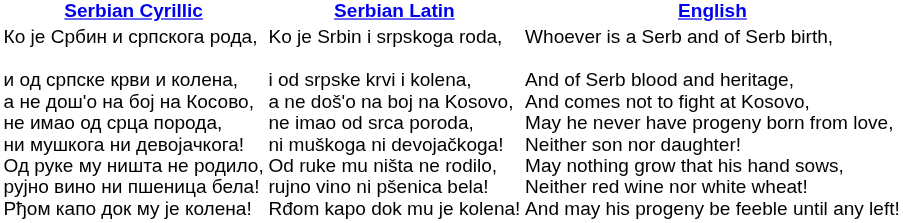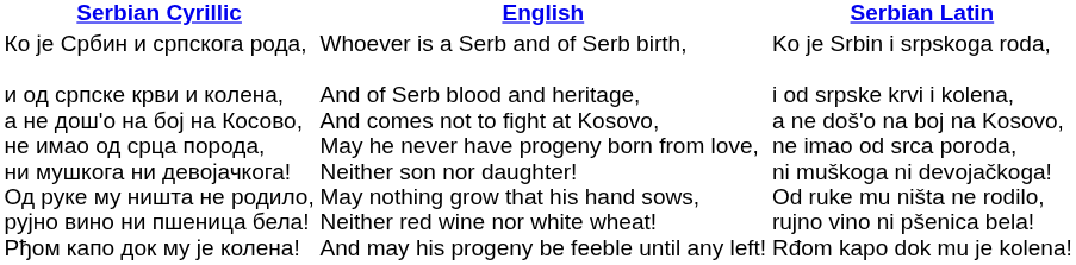 <table>
 <tr>
 <th><a href='#'>Serbian Cyrillic</a></th>
+<th><a href='#'>English</a></th>
 <th><a href='#'>Serbian Latin</a></th>
-<th><a href='#'>English</a></th>
 </tr>
 <tr>
 <td>Ко је Србин и српскога рода,<br><br>и од српске крви и колена,<br> а не дош'о на бој на Косово,<br> не имао од срца порода,<br> ни мушкога ни девојачкога!<br> Од руке му ништа не родило,<br> рујно вино ни пшеница бела!<br> Рђом капо док му је колена!<br></td>
+<td>Whoever is a Serb and of Serb birth,<br><br>And of Serb blood and heritage,<br> And comes not to fight at Kosovo,<br> May he never have progeny born from love,<br> Neither son nor daughter!<br> May nothing grow that his hand sows,<br> Neither red wine nor white wheat!<br> And may his progeny be feeble until any left!<br></td>
 <td>Ko je Srbin i srpskoga roda,<br><br>i od srpske krvi i kolena,<br> a ne doš'o na boj na Kosovo,<br> ne imao od srca poroda,<br> ni muškoga ni devojačkoga!<br> Od ruke mu ništa ne rodilo,<br> rujno vino ni pšenica bela!<br> Rđom kapo dok mu je kolena!<br></td>
-<td>Whoever is a Serb and of Serb birth,<br><br>And of Serb blood and heritage,<br> And comes not to fight at Kosovo,<br> May he never have progeny born from love,<br> Neither son nor daughter!<br> May nothing grow that his hand sows,<br> Neither red wine nor white wheat!<br> And may his progeny be feeble until any left!<br></td>
 </tr>
 </table>
